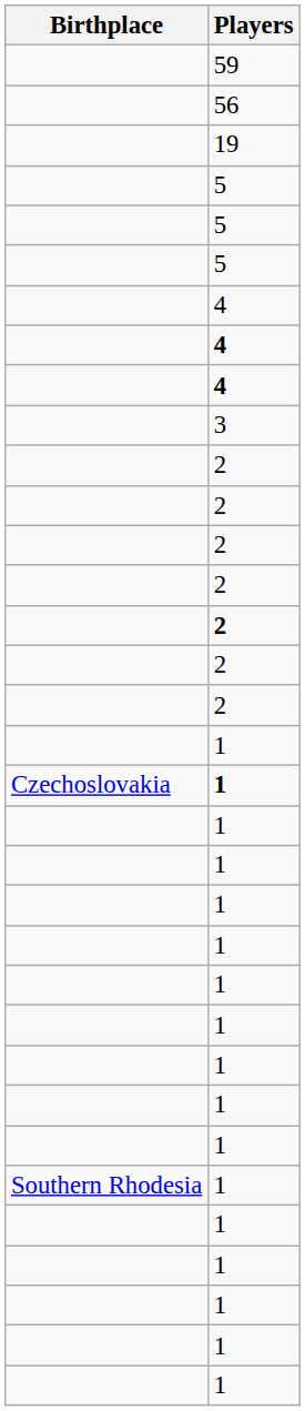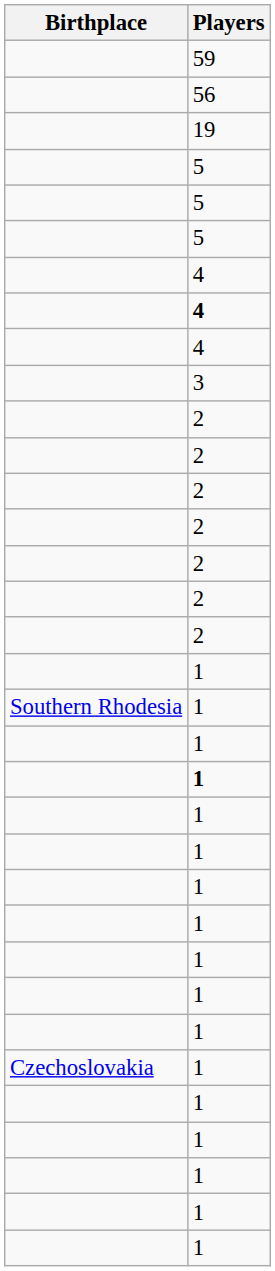 <table class="wikitable sortable">
 <tr>
 <th>Birthplace</th>
 <th>Players</th>
 </tr>
 <tr>
 <td></td>
 <td>59</td>
 </tr>
 <tr>
 <td></td>
 <td>56</td>
 </tr>
 <tr>
 <td></td>
 <td>19</td>
 </tr>
 <tr>
 <td></td>
 <td>5</td>
 </tr>
 <tr>
 <td></td>
 <td>5</td>
 </tr>
 <tr>
 <td></td>
 <td>5</td>
 </tr>
 <tr>
 <td></td>
 <td>4</td>
 </tr>
 <tr>
 <td></td>
 <td><strong>4</strong></td>
 </tr>
 <tr>
 <td></td>
-<td><strong>4</strong></td>
+<td>4</td>
 </tr>
 <tr>
 <td></td>
 <td>3</td>
 </tr>
 <tr>
 <td></td>
 <td>2</td>
 </tr>
 <tr>
 <td></td>
 <td>2</td>
 </tr>
 <tr>
 <td></td>
 <td>2</td>
 </tr>
 <tr>
 <td></td>
 <td>2</td>
 </tr>
 <tr>
 <td></td>
-<td><strong>2</strong></td>
+<td>2</td>
 </tr>
 <tr>
 <td></td>
 <td>2</td>
 </tr>
 <tr>
 <td></td>
 <td>2</td>
 </tr>
 <tr>
 <td></td>
 <td>1</td>
 </tr>
 <tr>
-<td> <a href='#'>Czechoslovakia</a></td>
+<td> <a href='#'>Southern Rhodesia</a></td>
+<td>1</td>
+</tr>
+<tr>
+<td></td>
+<td>1</td>
+</tr>
+<tr>
+<td></td>
 <td><strong>1</strong></td>
 </tr>
 <tr>
 <td></td>
 <td>1</td>
 </tr>
 <tr>
 <td></td>
 <td>1</td>
 </tr>
 <tr>
 <td></td>
 <td>1</td>
 </tr>
 <tr>
 <td></td>
 <td>1</td>
 </tr>
 <tr>
 <td></td>
 <td>1</td>
 </tr>
 <tr>
 <td></td>
 <td>1</td>
 </tr>
 <tr>
 <td></td>
 <td>1</td>
 </tr>
 <tr>
-<td></td>
-<td>1</td>
-</tr>
-<tr>
-<td></td>
-<td>1</td>
-</tr>
-<tr>
-<td> <a href='#'>Southern Rhodesia</a></td>
+<td> <a href='#'>Czechoslovakia</a></td>
 <td>1</td>
 </tr>
 <tr>
 <td></td>
 <td>1</td>
 </tr>
 <tr>
 <td></td>
 <td>1</td>
 </tr>
 <tr>
 <td></td>
 <td>1</td>
 </tr>
 <tr>
 <td></td>
 <td>1</td>
 </tr>
 <tr>
 <td></td>
 <td>1</td>
 </tr>
 </table>
